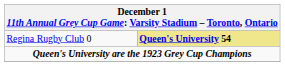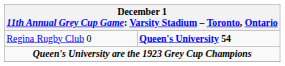 <table class="wikitable">
 <tr>
 <th bgcolor="#DDDDDD" colspan=4>December 1<br><a href='#'><em>11th Annual Grey Cup Game</em></a>: <a href='#'>Varsity Stadium</a> – <a href='#'>Toronto</a>, <a href='#'>Ontario</a></th>
 </tr>
 <tr>
 <td><a href='#'>Regina Rugby Club</a> 0</td>
-<td style="background: khaki;"><strong><a href='#'>Queen's University</a> 54</strong></td>
+<td><strong><a href='#'>Queen's University</a> 54</strong></td>
 </tr>
 <tr>
 <td align="center" colspan=4><strong><em>Queen's University are the 1923 Grey Cup Champions</em></strong></td>
 </tr>
 <tr>
 </tr>
 </table>
